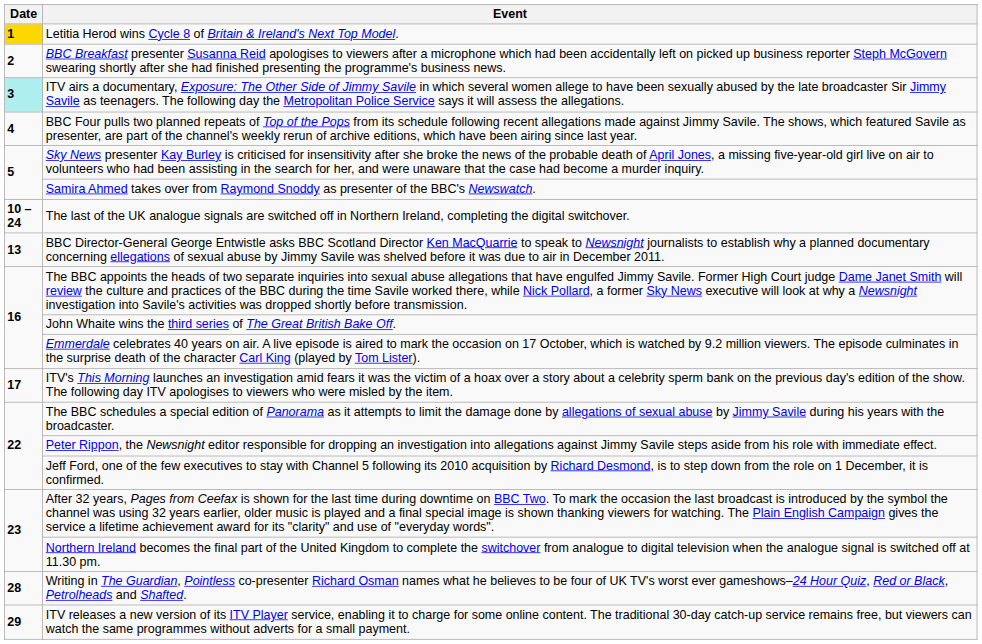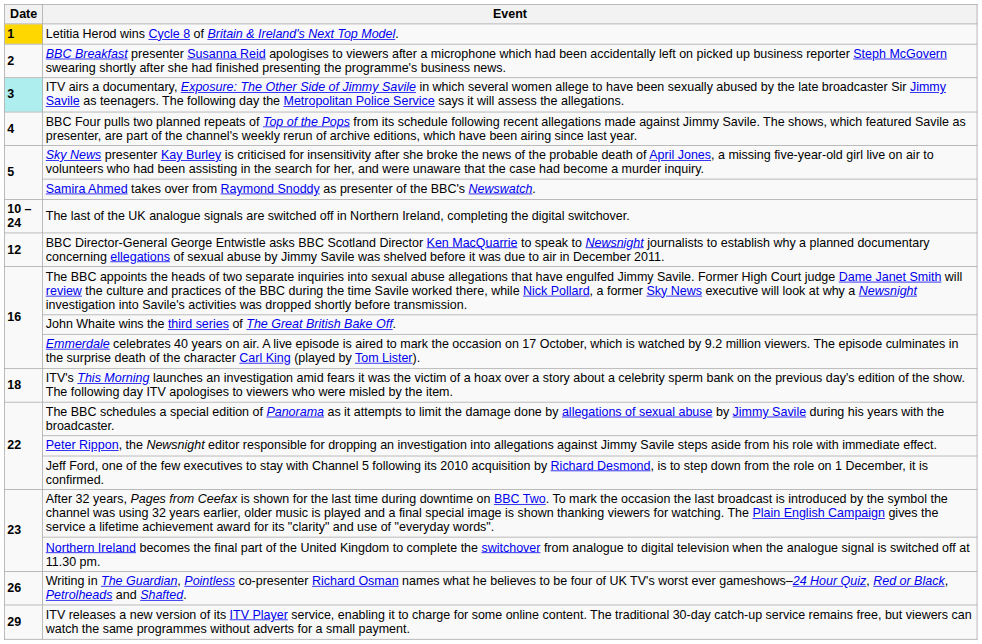 <table class="wikitable">
 <tr>
 <th>Date</th>
 <th>Event</th>
 </tr>
 <tr>
 <td style="background: gold;"><strong>1</strong></td>
 <td>Letitia Herod wins <a href='#'>Cycle 8</a> of <em><a href='#'>Britain & Ireland's Next Top Model</a></em>.</td>
 </tr>
 <tr>
 <td><strong>2</strong></td>
 <td><em><a href='#'>BBC Breakfast</a></em> presenter <a href='#'>Susanna Reid</a> apologises to viewers after a microphone which had been accidentally left on picked up business reporter <a href='#'>Steph McGovern</a> swearing shortly after she had finished presenting the programme's business news.</td>
 </tr>
 <tr>
 <td style="background: paleturquoise;"><strong>3</strong></td>
 <td>ITV airs a documentary, <em><a href='#'>Exposure: The Other Side of Jimmy Savile</a></em> in which several women allege to have been sexually abused by the late broadcaster Sir <a href='#'>Jimmy Savile</a> as teenagers. The following day the <a href='#'>Metropolitan Police Service</a> says it will assess the allegations.</td>
 </tr>
 <tr>
 <td><strong>4</strong></td>
 <td>BBC Four pulls two planned repeats of <em><a href='#'>Top of the Pops</a></em> from its schedule following recent allegations made against Jimmy Savile. The shows, which featured Savile as presenter, are part of the channel's weekly rerun of archive editions, which have been airing since last year.</td>
 </tr>
 <tr>
 <td rowspan=2><strong>5</strong></td>
 <td><em><a href='#'>Sky News</a></em> presenter <a href='#'>Kay Burley</a> is criticised for insensitivity after she broke the news of the probable death of <a href='#'>April Jones</a>, a missing five-year-old girl live on air to volunteers who had been assisting in the search for her, and were unaware that the case had become a murder inquiry.</td>
 </tr>
 <tr>
 <td><a href='#'>Samira Ahmed</a> takes over from <a href='#'>Raymond Snoddy</a> as presenter of the BBC's <em><a href='#'>Newswatch</a></em>.</td>
 </tr>
 <tr>
 <td><strong>10 – 24</strong></td>
 <td>The last of the UK analogue signals are switched off in Northern Ireland, completing the digital switchover.</td>
 </tr>
 <tr>
-<td><strong>13</strong></td>
+<td><strong>12</strong></td>
 <td>BBC Director-General George Entwistle asks BBC Scotland Director <a href='#'>Ken MacQuarrie</a> to speak to <em><a href='#'>Newsnight</a></em> journalists to establish why a planned documentary concerning <a href='#'>ellegations</a> of sexual abuse by Jimmy Savile was shelved before it was due to air in December 2011.</td>
 </tr>
 <tr>
 <td rowspan=3><strong>16</strong></td>
 <td>The BBC appoints the heads of two separate inquiries into sexual abuse allegations that have engulfed Jimmy Savile. Former High Court judge <a href='#'>Dame Janet Smith</a> will <a href='#'>review</a> the culture and practices of the BBC during the time Savile worked there, while <a href='#'>Nick Pollard</a>, a former <a href='#'>Sky News</a> executive will look at why a <em><a href='#'>Newsnight</a></em> investigation into Savile's activities was dropped shortly before transmission.</td>
 </tr>
 <tr>
 <td>John Whaite wins the <a href='#'>third series</a> of <em><a href='#'>The Great British Bake Off</a></em>.</td>
 </tr>
 <tr>
 <td><em><a href='#'>Emmerdale</a></em> celebrates 40 years on air. A live episode is aired to mark the occasion on 17 October, which is watched by 9.2 million viewers. The episode culminates in the surprise death of the character <a href='#'>Carl King</a> (played by <a href='#'>Tom Lister</a>).</td>
 </tr>
 <tr>
-<td><strong>17</strong></td>
+<td><strong>18</strong></td>
 <td>ITV's <em><a href='#'>This Morning</a></em> launches an investigation amid fears it was the victim of a hoax over a story about a celebrity sperm bank on the previous day's edition of the show. The following day ITV apologises to viewers who were misled by the item.</td>
 </tr>
 <tr>
 <td rowspan=3><strong>22</strong></td>
 <td>The BBC schedules a special edition of <em><a href='#'>Panorama</a></em> as it attempts to limit the damage done by <a href='#'>allegations of sexual abuse</a> by <a href='#'>Jimmy Savile</a> during his years with the broadcaster.</td>
 </tr>
 <tr>
 <td><a href='#'>Peter Rippon</a>, the <em>Newsnight</em> editor responsible for dropping an investigation into allegations against Jimmy Savile steps aside from his role with immediate effect.</td>
 </tr>
 <tr>
 <td>Jeff Ford, one of the few executives to stay with Channel 5 following its 2010 acquisition by <a href='#'>Richard Desmond</a>, is to step down from the role on 1 December, it is confirmed.</td>
 </tr>
 <tr>
 <td rowspan=2><strong>23</strong></td>
 <td>After 32 years, <em>Pages from Ceefax</em> is shown for the last time during downtime on <a href='#'>BBC Two</a>. To mark the occasion the last broadcast is introduced by the symbol the channel was using 32 years earlier, older music is played and a final special image is shown thanking viewers for watching. The <a href='#'>Plain English Campaign</a> gives the service a lifetime achievement award for its "clarity" and use of "everyday words".</td>
 </tr>
 <tr>
 <td><a href='#'>Northern Ireland</a> becomes the final part of the United Kingdom to complete the <a href='#'>switchover</a> from analogue to digital television when the analogue signal is switched off at 11.30 pm.</td>
 </tr>
 <tr>
-<td><strong>28</strong></td>
+<td><strong>26</strong></td>
 <td>Writing in <em><a href='#'>The Guardian</a></em>, <em><a href='#'>Pointless</a></em> co-presenter <a href='#'>Richard Osman</a> names what he believes to be four of UK TV's worst ever gameshows–<em><a href='#'>24 Hour Quiz</a></em>, <em><a href='#'>Red or Black</a></em>, <em><a href='#'>Petrolheads</a></em> and <em><a href='#'>Shafted</a></em>.</td>
 </tr>
 <tr>
 <td><strong>29</strong></td>
 <td>ITV releases a new version of its <a href='#'>ITV Player</a> service, enabling it to charge for some online content. The traditional 30-day catch-up service remains free, but viewers can watch the same programmes without adverts for a small payment.</td>
 </tr>
 </table>
